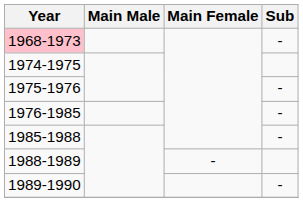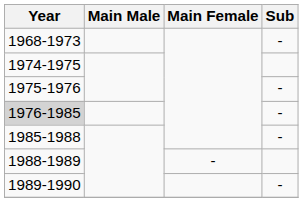 <table class="wikitable" style="text-align:center">
 <tr>
 <th>Year</th>
 <th>Main Male</th>
 <th>Main Female</th>
 <th>Sub</th>
 </tr>
 <tr>
-<td style="background: pink;">1968-1973</td>
+<td>1968-1973</td>
 <td></td>
 <td rowspan="5"></td>
 <td>-</td>
 </tr>
 <tr>
 <td>1974-1975</td>
 <td rowspan="2"></td>
 <td></td>
 </tr>
 <tr>
 <td>1975-1976</td>
 <td>-</td>
 </tr>
 <tr>
-<td>1976-1985</td>
+<td style="background: lightgrey;">1976-1985</td>
 <td></td>
 <td>-</td>
 </tr>
 <tr>
 <td>1985-1988</td>
 <td rowspan="3"></td>
 <td>-</td>
 </tr>
 <tr>
 <td>1988-1989</td>
 <td>-</td>
 <td></td>
 </tr>
 <tr>
 <td>1989-1990</td>
 <td></td>
 <td>-</td>
 </tr>
 <tr>
 </tr>
 </table>
